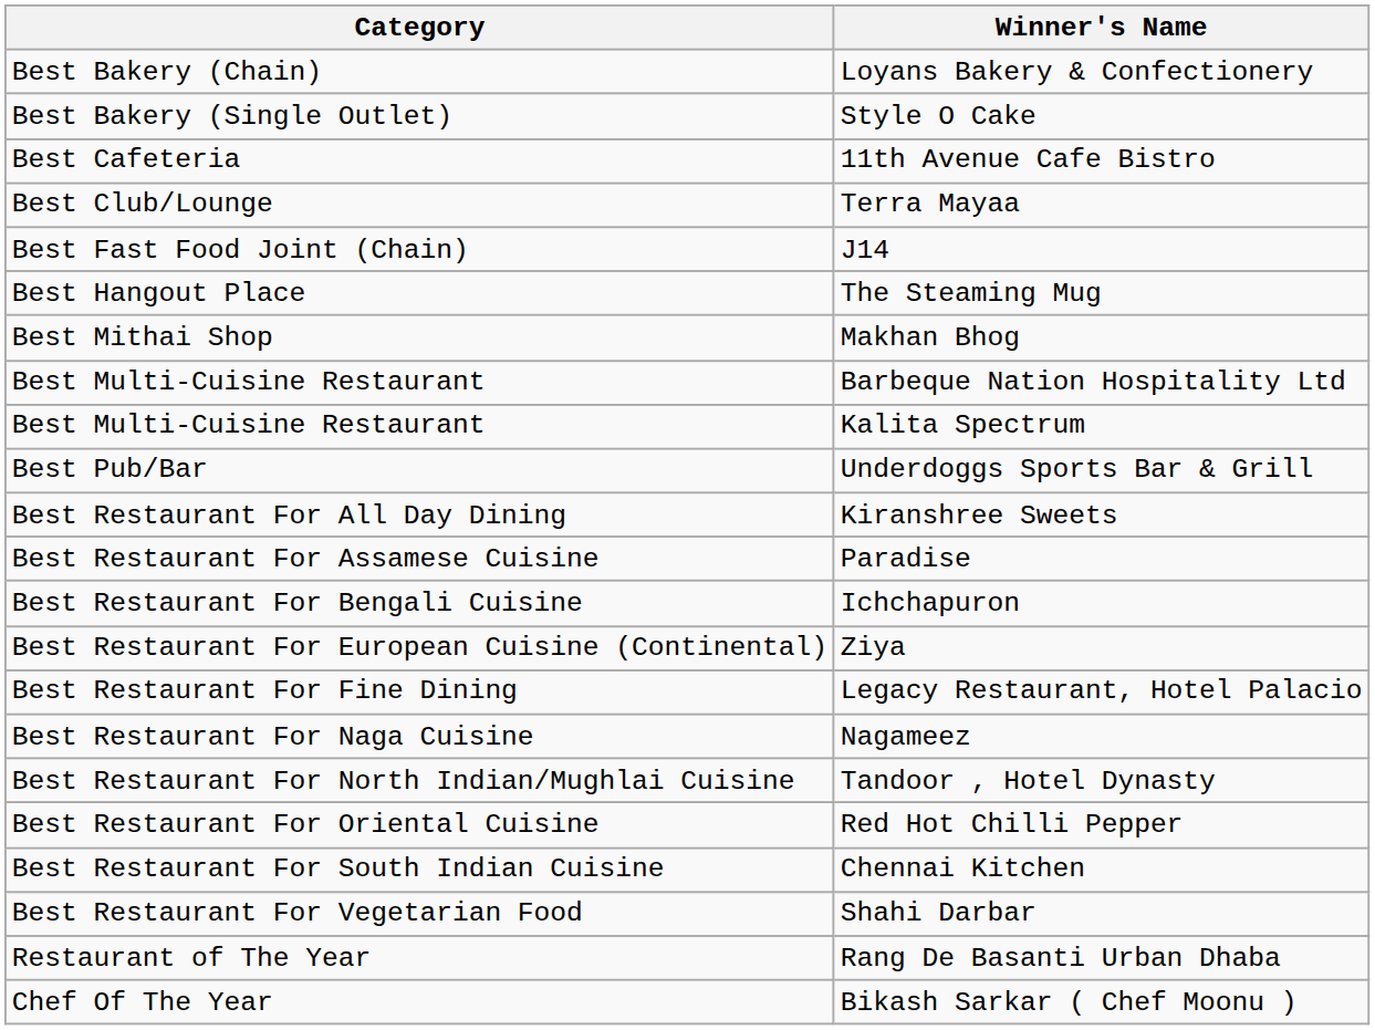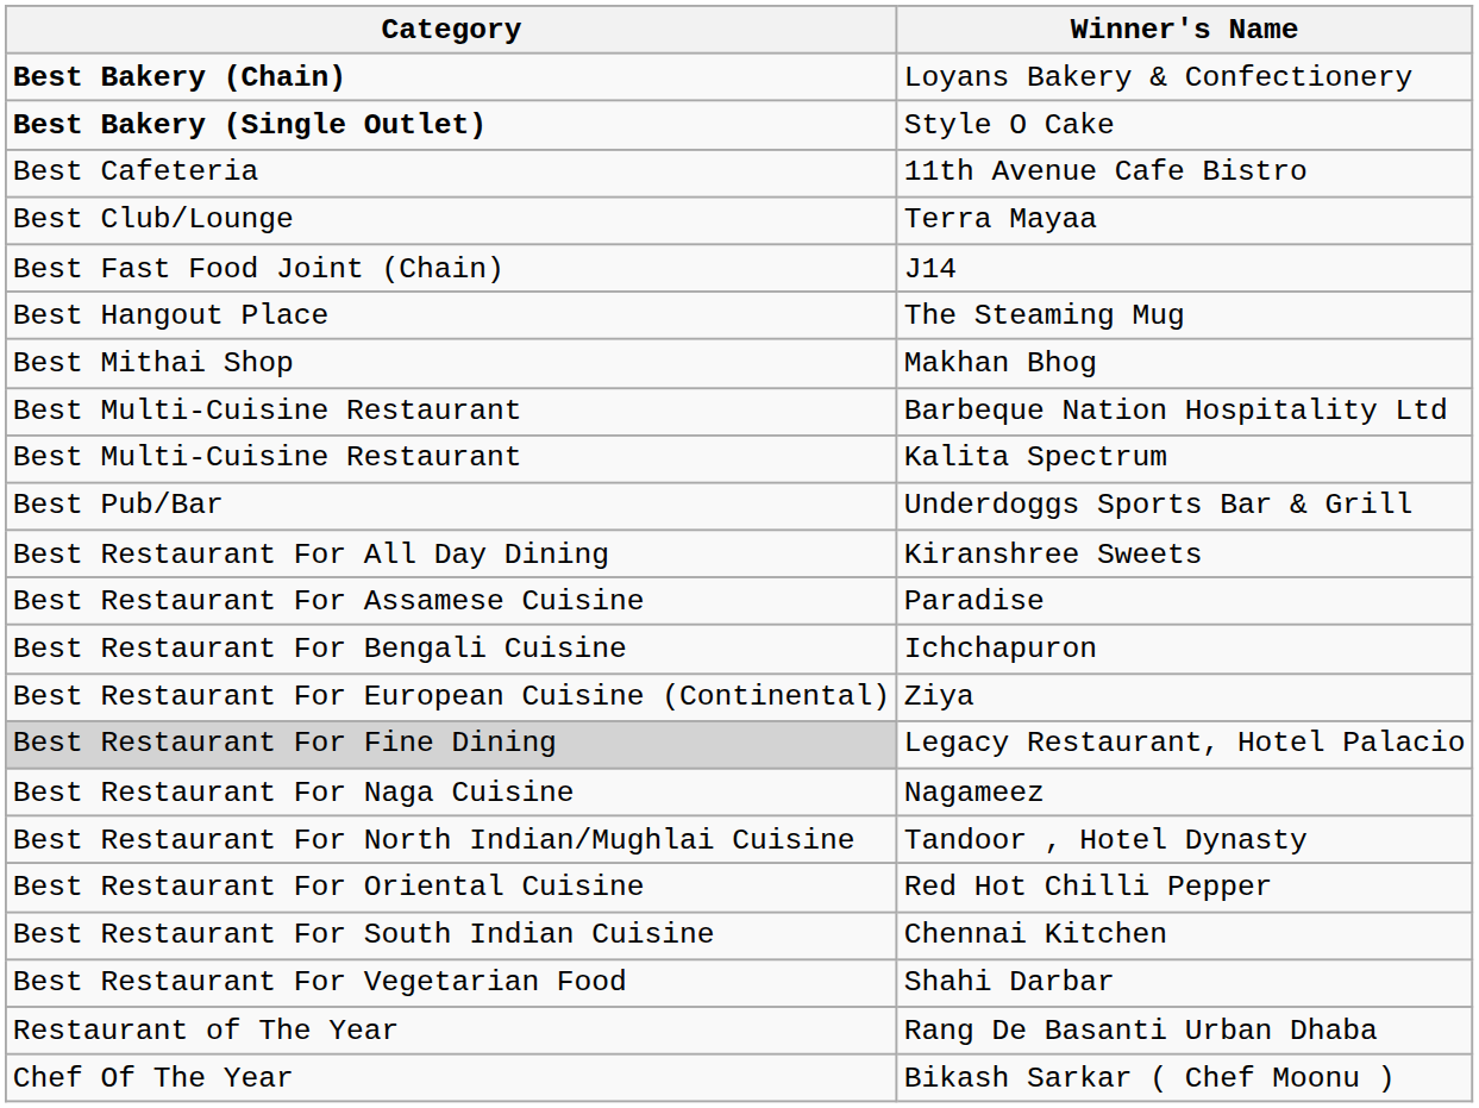 <table class="wikitable">
 <tr>
 <th>Category</th>
 <th>Winner's Name</th>
 </tr>
 <tr>
-<td>Best Bakery (Chain)</td>
+<td><strong>Best Bakery (Chain)</strong></td>
 <td>Loyans Bakery & Confectionery</td>
 </tr>
 <tr>
-<td>Best Bakery (Single Outlet)</td>
+<td><strong>Best Bakery (Single Outlet)</strong></td>
 <td>Style O Cake</td>
 </tr>
 <tr>
 <td>Best Cafeteria</td>
 <td>11th Avenue Cafe Bistro</td>
 </tr>
 <tr>
 <td>Best Club/Lounge</td>
 <td>Terra Mayaa</td>
 </tr>
 <tr>
 <td>Best Fast Food Joint (Chain)</td>
 <td>J14</td>
 </tr>
 <tr>
 <td>Best Hangout Place</td>
 <td>The Steaming Mug</td>
 </tr>
 <tr>
 <td>Best Mithai Shop</td>
 <td>Makhan Bhog</td>
 </tr>
 <tr>
 <td>Best Multi-Cuisine Restaurant</td>
 <td>Barbeque Nation Hospitality Ltd</td>
 </tr>
 <tr>
 <td>Best Multi-Cuisine Restaurant</td>
 <td>Kalita Spectrum</td>
 </tr>
 <tr>
 <td>Best Pub/Bar</td>
 <td>Underdoggs Sports Bar & Grill</td>
 </tr>
 <tr>
 <td>Best Restaurant For All Day Dining</td>
 <td>Kiranshree Sweets</td>
 </tr>
 <tr>
 <td>Best Restaurant For Assamese Cuisine</td>
 <td>Paradise</td>
 </tr>
 <tr>
 <td>Best Restaurant For Bengali Cuisine</td>
 <td>Ichchapuron</td>
 </tr>
 <tr>
 <td>Best Restaurant For European Cuisine (Continental)</td>
 <td>Ziya</td>
 </tr>
 <tr>
-<td>Best Restaurant For Fine Dining</td>
+<td style="background: lightgrey;">Best Restaurant For Fine Dining</td>
 <td>Legacy Restaurant, Hotel Palacio</td>
 </tr>
 <tr>
 <td>Best Restaurant For Naga Cuisine</td>
 <td>Nagameez</td>
 </tr>
 <tr>
 <td>Best Restaurant For North Indian/Mughlai Cuisine</td>
 <td>Tandoor , Hotel Dynasty</td>
 </tr>
 <tr>
 <td>Best Restaurant For Oriental Cuisine</td>
 <td>Red Hot Chilli Pepper</td>
 </tr>
 <tr>
 <td>Best Restaurant For South Indian Cuisine</td>
 <td>Chennai Kitchen</td>
 </tr>
 <tr>
 <td>Best Restaurant For Vegetarian Food</td>
 <td>Shahi Darbar</td>
 </tr>
 <tr>
 <td>Restaurant of The Year</td>
 <td>Rang De Basanti Urban Dhaba</td>
 </tr>
 <tr>
 <td>Chef Of The Year</td>
 <td>Bikash Sarkar ( Chef Moonu ) </td>
 </tr>
 </table>
